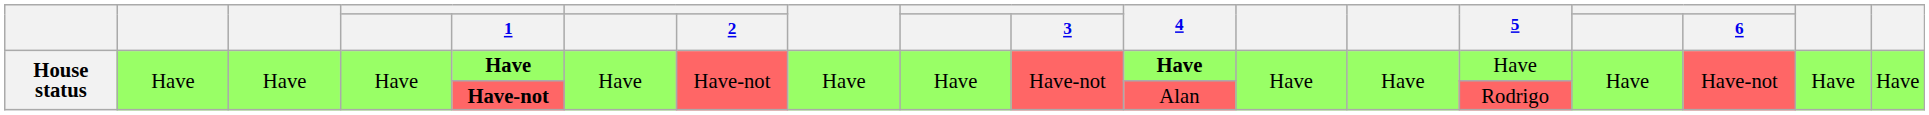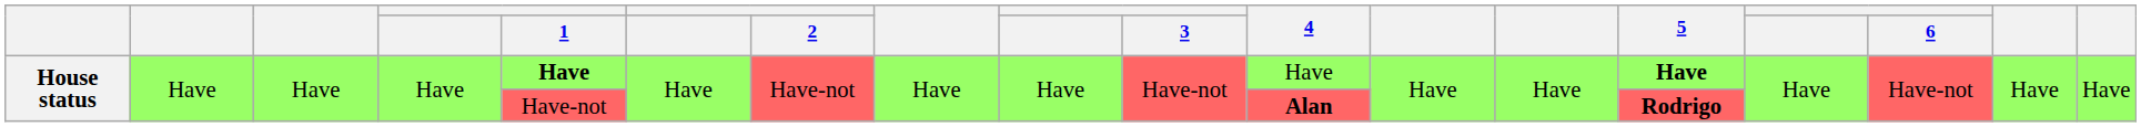 <table class="wikitable" style="text-align:center; font-size:85%; width:100%; line-height:13px;">
 <tr>
 <th style="width:6%" rowspan=2></th>
 <th style="width:6%" rowspan=2></th>
 <th style="width:6%" rowspan=2></th>
 <th style="width:6%" colspan=2></th>
 <th style="width:6%" colspan=2></th>
 <th style="width:6%" rowspan=2></th>
 <th style="width:6%" colspan=2></th>
 <th style="width:6%" rowspan=2><sup><a href='#'>4</a></sup></th>
 <th style="width:6%" rowspan=2></th>
 <th style="width:6%" rowspan=2></th>
 <th style="width:6%" rowspan=2><sup><a href='#'>5</a></sup></th>
 <th style="width:6%" colspan=2></th>
 <th style="width:6%" rowspan=2></th>
 <th style="width:6%" rowspan=2></th>
 </tr>
 <tr>
 <th style="width:6%"></th>
 <th style="width:6%"><sup><a href='#'>1</a></sup></th>
 <th style="width:6%"></th>
 <th style="width:6%"><sup><a href='#'>2</a></sup></th>
 <th style="width:6%"></th>
 <th style="width:6%"><sup><a href='#'>3</a></sup></th>
 <th style="width:6%"></th>
 <th style="width:6%"><sup><a href='#'>6</a></sup></th>
 </tr>
 <tr>
 <th rowspan=2>House<br>status</th>
 <td bgcolor=99FF66 rowspan=2>Have</td>
 <td bgcolor=99FF66 rowspan=2>Have</td>
 <td bgcolor=99FF66 rowspan=2>Have</td>
 <td bgcolor=99FF66 rowspan=1><strong>Have</strong></td>
 <td bgcolor=99FF66 rowspan=2>Have</td>
 <td bgcolor=FF6666 rowspan=2>Have-not</td>
 <td bgcolor=99FF66 rowspan=2>Have</td>
 <td bgcolor=99FF66 rowspan=2>Have</td>
 <td bgcolor=FF6666 rowspan=2>Have-not</td>
-<td bgcolor=99FF66 rowspan=1><strong>Have</strong></td>
+<td bgcolor=99FF66 rowspan=1>Have</td>
 <td bgcolor=99FF66 rowspan=2>Have</td>
 <td bgcolor=99FF66 rowspan=2>Have</td>
-<td bgcolor=99FF66 rowspan=1>Have</td>
+<td bgcolor=99FF66 rowspan=1><strong>Have</strong></td>
 <td bgcolor=99FF66 rowspan=2>Have</td>
 <td bgcolor=FF6666 rowspan=2>Have-not</td>
 <td bgcolor=99FF66 rowspan=2>Have</td>
 <td bgcolor=99FF66 rowspan=2>Have</td>
 </tr>
 <tr>
-<td bgcolor=FF6666 rowspan=1><strong>Have-not</strong></td>
-<td bgcolor=FF6666 rowspan=1>Alan</td>
-<td bgcolor=FF6666 rowspan=1>Rodrigo</td>
+<td bgcolor=FF6666 rowspan=1>Have-not</td>
+<td bgcolor=FF6666 rowspan=1><strong>Alan</strong></td>
+<td bgcolor=FF6666 rowspan=1><strong>Rodrigo</strong></td>
 </tr>
 </table>
